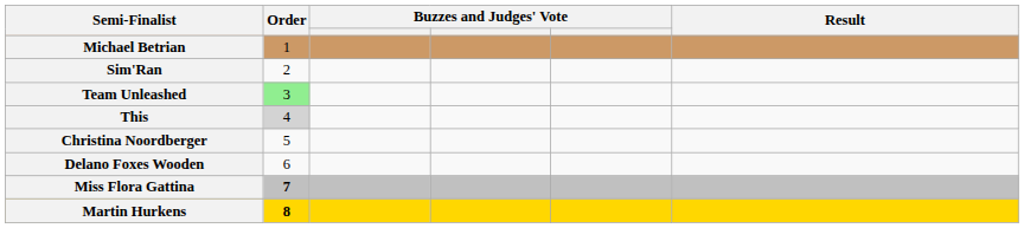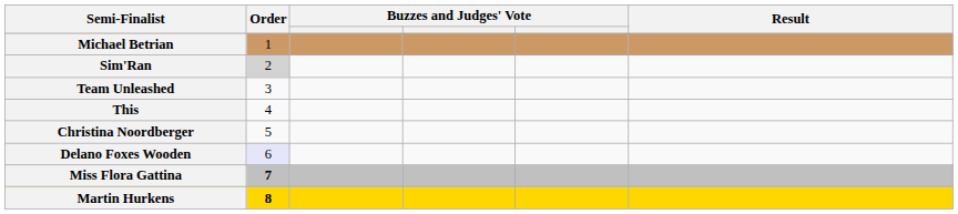 <table class="wikitable plainrowheaders sortable" style="text-align:center;">
 <tr>
 <th scope="col" rowspan=2 class="unsortable" style="width:17em;">Semi-Finalist</th>
 <th scope="col" rowspan=2 style="width:1em;">Order</th>
 <th scope="col" colspan=3 class="unsortable" style="width:24em;">Buzzes and Judges' Vote</th>
 <th scope="col" rowspan=2 style="width:23em;">Result</th>
 </tr>
 <tr>
 <th scope="col" class="unsortable" style="width:6em;"></th>
 <th scope="col" class="unsortable" style="width:6em;"></th>
 <th scope="col" class="unsortable" style="width:6em;"></th>
 </tr>
 <tr bgcolor=#c96>
 <th scope="row">Michael Betrian</th>
 <td>1</td>
 <td style="text-align:center;"></td>
 <td style="text-align:center;"></td>
 <td style="text-align:center;"></td>
 <td><strong></strong></td>
 </tr>
 <tr>
 <th scope="row">Sim'Ran</th>
-<td>2</td>
+<td style="background: lightgrey;">2</td>
 <td style="text-align:center;"></td>
 <td style="text-align:center;"></td>
 <td style="text-align:center;"></td>
 <td></td>
 </tr>
 <tr>
 <th scope="row">Team Unleashed</th>
-<td style="background: lightgreen;">3</td>
+<td>3</td>
 <td style="text-align:center;"></td>
 <td style="text-align:center;"></td>
 <td style="text-align:center;"></td>
 <td></td>
 </tr>
 <tr>
 <th scope="row">This</th>
-<td style="background: lightgrey;">4</td>
+<td>4</td>
 <td style="text-align:center;"></td>
 <td style="text-align:center;"></td>
 <td style="text-align:center;"></td>
 <td></td>
 </tr>
 <tr>
 <th scope="row">Christina Noordberger</th>
 <td>5</td>
 <td style="text-align:center;"></td>
 <td style="text-align:center;"></td>
 <td style="text-align:center;"></td>
 <td></td>
 </tr>
 <tr>
 <th scope="row">Delano Foxes Wooden</th>
-<td>6</td>
+<td style="background: lavender;">6</td>
 <td style="text-align:center;"></td>
 <td style="text-align:center;"></td>
 <td style="text-align:center;"></td>
 <td></td>
 </tr>
 <tr bgcolor=silver>
 <th scope="row"><strong>Miss Flora Gattina</strong></th>
 <td><strong>7</strong></td>
 <td style="text-align:center;"></td>
 <td style="text-align:center;"></td>
 <td style="text-align:center;"></td>
 <td><strong></strong></td>
 </tr>
 <tr bgcolor=gold>
 <th scope="row"><strong>Martin Hurkens</strong></th>
 <td><strong>8</strong></td>
 <td style="text-align:center;"></td>
 <td style="text-align:center;"></td>
 <td style="text-align:center;"></td>
 <td><strong></strong></td>
 </tr>
 </table>
